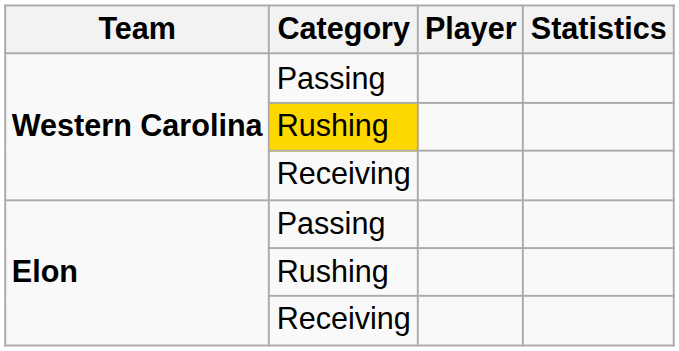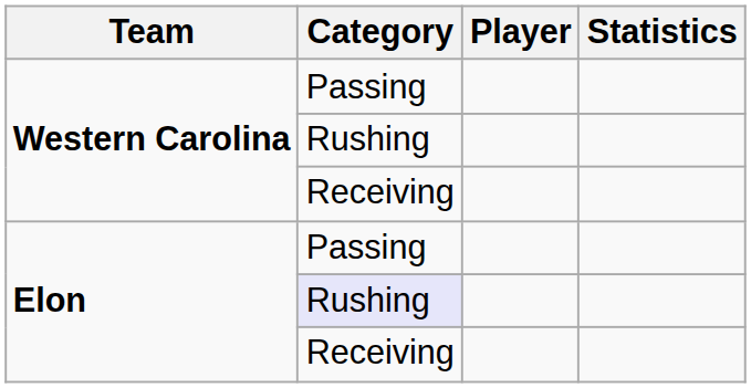 <table class="wikitable" style="float: right;">
 <tr>
 <th>Team</th>
 <th>Category</th>
 <th>Player</th>
 <th>Statistics</th>
 </tr>
 <tr>
 <td rowspan=3><strong>Western Carolina</strong></td>
 <td>Passing</td>
 <td></td>
 <td></td>
 </tr>
 <tr>
-<td style="background: gold;">Rushing</td>
+<td>Rushing</td>
 <td></td>
 <td></td>
 </tr>
 <tr>
 <td>Receiving</td>
 <td></td>
 <td></td>
 </tr>
 <tr>
 <td rowspan=3><strong>Elon</strong></td>
 <td>Passing</td>
 <td></td>
 <td></td>
 </tr>
 <tr>
-<td>Rushing</td>
+<td style="background: lavender;">Rushing</td>
 <td></td>
 <td></td>
 </tr>
 <tr>
 <td>Receiving</td>
 <td></td>
 <td></td>
 </tr>
 </table>
